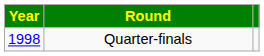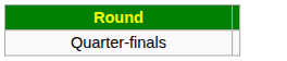 <table class="wikitable" style="text-align: center; font-size:90%">
 <tr style="color:yellow;">
-<th style="background:green;">Year</th>
 <th style="background:green; width:200px">Round</th>
 <th style="background:green;"></th>
 </tr>
 <tr>
-<td><a href='#'>1998</a></td>
 <td>Quarter-finals</td>
 <td></td>
 </tr>
 </table>
